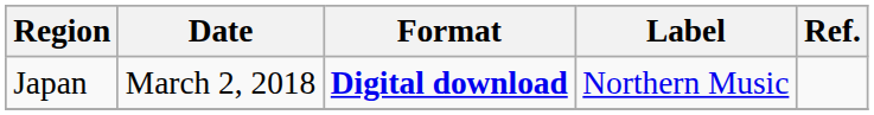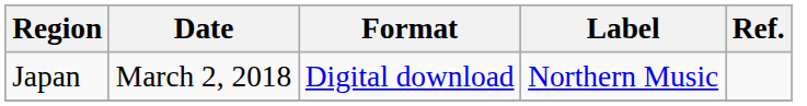 <table class="wikitable sortable plainrowheaders">
 <tr>
 <th scope="col">Region</th>
 <th scope="col">Date</th>
 <th scope="col">Format</th>
 <th scope="col">Label</th>
 <th scope="col">Ref.</th>
 </tr>
 <tr>
 <td>Japan</td>
 <td>March 2, 2018</td>
-<td><strong><a href='#'>Digital download</a></strong></td>
+<td><a href='#'>Digital download</a></td>
 <td><a href='#'>Northern Music</a></td>
 <td></td>
 </tr>
 <tr>
 </tr>
 </table>
